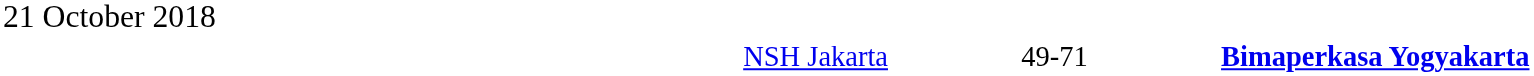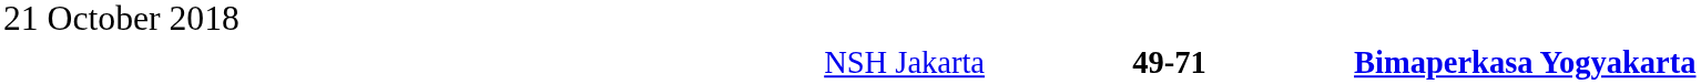 <table cellspacing="1" style="width:100%;">
 <tr>
 <td>21 October 2018</td>
 </tr>
 <tr style="font-size:90%">
 <td align="right"><a href='#'>NSH Jakarta</a></td>
 <td></td>
-<td align="center">49-71</td>
+<td align="center"><strong>49-71</strong></td>
 <td></td>
 <td><a href='#'><strong>Bimaperkasa Yogyakarta</strong></a></td>
 </tr>
 </table>
